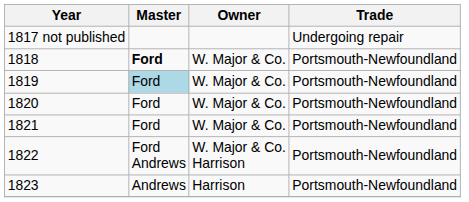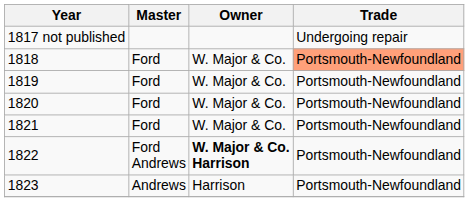 <table class="sortable wikitable">
 <tr>
 <th>Year</th>
 <th>Master</th>
 <th>Owner</th>
 <th>Trade</th>
 </tr>
 <tr>
 <td>1817 not published</td>
 <td></td>
 <td></td>
 <td>Undergoing repair</td>
 </tr>
 <tr>
 <td>1818</td>
-<td><strong>Ford</strong></td>
+<td>Ford</td>
 <td>W. Major & Co.</td>
-<td>Portsmouth-Newfoundland</td>
+<td style="background: lightsalmon;">Portsmouth-Newfoundland</td>
 </tr>
 <tr>
 <td>1819</td>
-<td style="background: lightblue;">Ford</td>
+<td>Ford</td>
 <td>W. Major & Co.</td>
 <td>Portsmouth-Newfoundland</td>
 </tr>
 <tr>
 <td>1820</td>
 <td>Ford</td>
 <td>W. Major & Co.</td>
 <td>Portsmouth-Newfoundland</td>
 </tr>
 <tr>
 <td>1821</td>
 <td>Ford</td>
 <td>W. Major & Co.</td>
 <td>Portsmouth-Newfoundland</td>
 </tr>
 <tr>
 <td>1822</td>
 <td>Ford<br>Andrews</td>
-<td>W. Major & Co.<br>Harrison</td>
+<td><strong>W. Major & Co.<br>Harrison</strong></td>
 <td>Portsmouth-Newfoundland</td>
 </tr>
 <tr>
 <td>1823</td>
 <td>Andrews</td>
 <td>Harrison</td>
 <td>Portsmouth-Newfoundland</td>
 </tr>
 <tr>
 </tr>
 </table>
